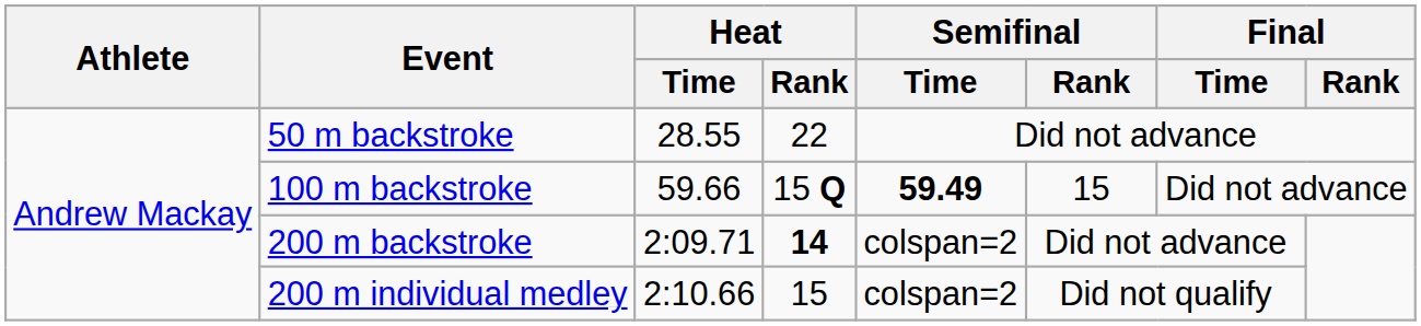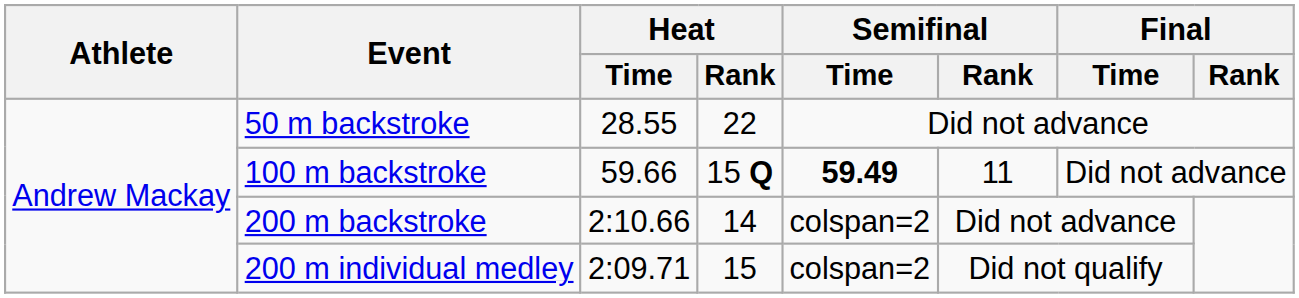 <table class=wikitable style=font-size:90%>
 <tr>
 <th rowspan=2>Athlete</th>
 <th rowspan=2>Event</th>
 <th colspan=2>Heat</th>
 <th colspan=2>Semifinal</th>
 <th colspan=2>Final</th>
 </tr>
 <tr style=font-size:95%>
 <th>Time</th>
 <th>Rank</th>
 <th>Time</th>
 <th>Rank</th>
 <th>Time</th>
 <th>Rank</th>
 </tr>
 <tr align=center>
 <td align=left rowspan=4><a href='#'>Andrew Mackay</a></td>
 <td align=left><a href='#'>50 m backstroke</a></td>
 <td>28.55</td>
 <td>22</td>
 <td colspan=4>Did not advance</td>
 </tr>
 <tr align=center>
 <td align=left><a href='#'>100 m backstroke</a></td>
 <td>59.66</td>
 <td>15 <strong>Q</strong></td>
 <td><strong>59.49</strong></td>
-<td>15</td>
+<td>11</td>
 <td colspan=2>Did not advance</td>
 </tr>
 <tr align=center>
 <td align=left><a href='#'>200 m backstroke</a></td>
-<td>2:09.71</td>
-<td><strong>14</strong></td>
+<td>2:10.66</td>
+<td>14</td>
 <td>colspan=2 </td>
 <td colspan=2>Did not advance</td>
 </tr>
 <tr align=center>
 <td align=left><a href='#'>200 m individual medley</a></td>
-<td>2:10.66</td>
+<td>2:09.71</td>
 <td>15</td>
 <td>colspan=2 </td>
 <td colspan=2>Did not qualify</td>
 </tr>
 </table>
